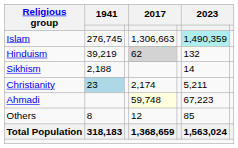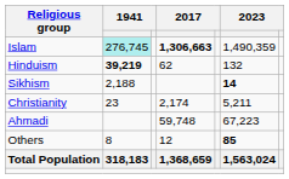 <table class="wikitable sortable">
 <tr>
 <th rowspan="2"><a href='#'>Religious</a><br>group</th>
 <th colspan="2">1941</th>
 <th colspan="2">2017</th>
 <th colspan="2">2023</th>
 </tr>
 <tr>
 <th><a href='#'></a></th>
 <th></th>
 <th></th>
 <th></th>
 <th></th>
 <th></th>
 </tr>
 <tr>
 <td><a href='#'>Islam</a> </td>
-<td>276,745</td>
+<td style="background: paleturquoise;">276,745</td>
 <td></td>
-<td>1,306,663</td>
+<td><strong>1,306,663</strong></td>
 <td></td>
-<td style="background: paleturquoise;">1,490,359</td>
+<td>1,490,359</td>
 <td></td>
 </tr>
 <tr>
 <td><a href='#'>Hinduism</a> </td>
-<td>39,219</td>
+<td><strong>39,219</strong></td>
 <td></td>
-<td style="background: lightgrey;">62</td>
+<td>62</td>
 <td></td>
 <td>132</td>
 <td></td>
 </tr>
 <tr>
 <td><a href='#'>Sikhism</a> </td>
 <td>2,188</td>
 <td></td>
 <td></td>
 <td></td>
-<td>14</td>
+<td><strong>14</strong></td>
 <td></td>
 </tr>
 <tr>
 <td><a href='#'>Christianity</a> </td>
-<td style="background: lightblue;">23</td>
+<td>23</td>
 <td></td>
 <td>2,174</td>
 <td></td>
 <td>5,211</td>
 <td></td>
 </tr>
 <tr>
 <td><a href='#'>Ahmadi</a></td>
 <td></td>
 <td></td>
-<td style="background: lightyellow;">59,748</td>
+<td>59,748</td>
 <td></td>
 <td>67,223</td>
 <td></td>
 </tr>
 <tr>
 <td>Others </td>
 <td>8</td>
 <td></td>
 <td>12</td>
 <td></td>
-<td>85</td>
+<td><strong>85</strong></td>
 <td></td>
 </tr>
 <tr>
 <th>Total Population</th>
 <th>318,183</th>
 <th></th>
 <th>1,368,659</th>
 <th></th>
 <th>1,563,024</th>
 <th></th>
 </tr>
 <tr class="sortbottom">
 <td colspan="7"></td>
 </tr>
 </table>
